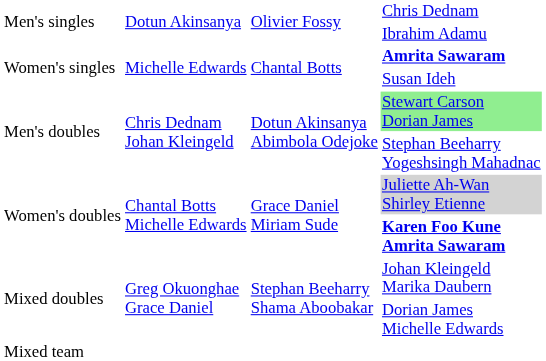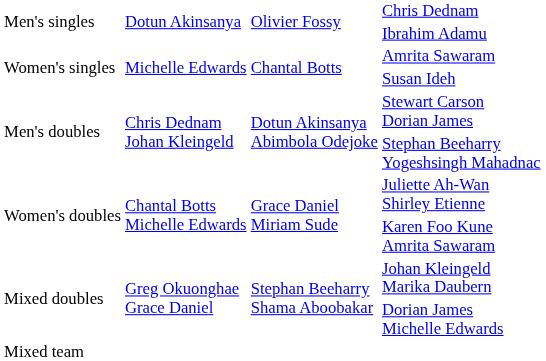 <table>
 <tr>
 <td rowspan=2>Men's singles</td>
 <td rowspan=2> <a href='#'>Dotun Akinsanya</a></td>
 <td rowspan=2> <a href='#'>Olivier Fossy</a></td>
 <td> <a href='#'>Chris Dednam</a></td>
 </tr>
 <tr>
 <td> <a href='#'>Ibrahim Adamu</a></td>
 </tr>
 <tr>
 <td rowspan=2>Women's singles</td>
 <td rowspan=2> <a href='#'>Michelle Edwards</a></td>
 <td rowspan=2> <a href='#'>Chantal Botts</a></td>
-<td><strong> <a href='#'>Amrita Sawaram</a></strong></td>
+<td> <a href='#'>Amrita Sawaram</a></td>
 </tr>
 <tr>
 <td> <a href='#'>Susan Ideh</a></td>
 </tr>
 <tr>
 <td rowspan=2>Men's doubles</td>
 <td rowspan=2> <a href='#'>Chris Dednam</a> <br> <a href='#'>Johan Kleingeld</a></td>
 <td rowspan=2> <a href='#'>Dotun Akinsanya</a> <br> <a href='#'>Abimbola Odejoke</a></td>
-<td style="background: lightgreen;"> <a href='#'>Stewart Carson</a> <br> <a href='#'>Dorian James</a></td>
+<td> <a href='#'>Stewart Carson</a> <br> <a href='#'>Dorian James</a></td>
 </tr>
 <tr>
 <td> <a href='#'>Stephan Beeharry</a> <br> <a href='#'>Yogeshsingh Mahadnac</a></td>
 </tr>
 <tr>
 <td rowspan=2>Women's doubles</td>
 <td rowspan=2> <a href='#'>Chantal Botts</a> <br> <a href='#'>Michelle Edwards</a></td>
 <td rowspan=2> <a href='#'>Grace Daniel</a> <br> <a href='#'>Miriam Sude</a></td>
-<td style="background: lightgrey;"> <a href='#'>Juliette Ah-Wan</a> <br> <a href='#'>Shirley Etienne</a></td>
+<td> <a href='#'>Juliette Ah-Wan</a> <br> <a href='#'>Shirley Etienne</a></td>
 </tr>
 <tr>
-<td><strong> <a href='#'>Karen Foo Kune</a> <br> <a href='#'>Amrita Sawaram</a></strong></td>
+<td> <a href='#'>Karen Foo Kune</a> <br> <a href='#'>Amrita Sawaram</a></td>
 </tr>
 <tr>
 <td rowspan=2>Mixed doubles</td>
 <td rowspan=2> <a href='#'>Greg Okuonghae</a> <br> <a href='#'>Grace Daniel</a></td>
 <td rowspan=2> <a href='#'>Stephan Beeharry</a> <br> <a href='#'>Shama Aboobakar</a></td>
 <td> <a href='#'>Johan Kleingeld</a> <br> <a href='#'>Marika Daubern</a></td>
 </tr>
 <tr>
 <td> <a href='#'>Dorian James</a> <br> <a href='#'>Michelle Edwards</a></td>
 </tr>
 <tr>
 <td rowspan=2>Mixed team</td>
 <td rowspan=2></td>
 <td rowspan=2></td>
 <td></td>
 </tr>
 <tr>
 <td></td>
 </tr>
 </table>
